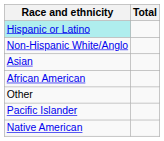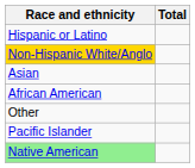 <table class="wikitable floatright sortable collapsible"; text-align:right; font-size:80%;">
 <tr>
 <th>Race and ethnicity</th>
 <th colspan="2" data-sort-type=number>Total</th>
 </tr>
 <tr>
-<td style="background: paleturquoise;"><a href='#'>Hispanic or Latino</a></td>
+<td><a href='#'>Hispanic or Latino</a></td>
 <td align=right></td>
 </tr>
 <tr>
-<td><a href='#'>Non-Hispanic White/Anglo</a></td>
+<td style="background: gold;"><a href='#'>Non-Hispanic White/Anglo</a></td>
 <td align=right></td>
 </tr>
 <tr>
 <td><a href='#'>Asian</a></td>
 <td align=right></td>
 </tr>
 <tr>
 <td><a href='#'>African American</a></td>
 <td align=right></td>
 </tr>
 <tr>
 <td>Other</td>
 <td align=right></td>
 </tr>
 <tr>
 <td><a href='#'>Pacific Islander</a></td>
 <td align=right></td>
 </tr>
 <tr>
-<td><a href='#'>Native American</a></td>
+<td style="background: lightgreen;"><a href='#'>Native American</a></td>
 <td align=right></td>
 </tr>
 </table>
